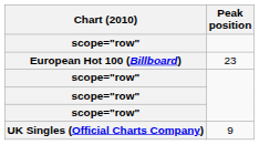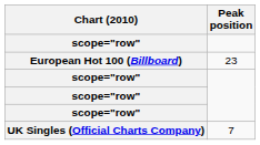 <table class="wikitable sortable plainrowheaders">
 <tr>
 <th>Chart (2010)</th>
 <th>Peak<br>position</th>
 </tr>
 <tr>
 <th>scope="row"</th>
 </tr>
 <tr>
 <th scope="row">European Hot 100 (<a href='#'><em>Billboard</em></a>)</th>
 <td style="text-align:center;">23</td>
 </tr>
 <tr>
 <th>scope="row"</th>
 </tr>
 <tr>
 <th>scope="row"</th>
 </tr>
 <tr>
 <th>scope="row"</th>
 </tr>
 <tr>
 <th scope="row">UK Singles (<a href='#'>Official Charts Company</a>)</th>
-<td style="text-align:center;">9</td>
+<td style="text-align:center;">7</td>
 </tr>
 </table>
